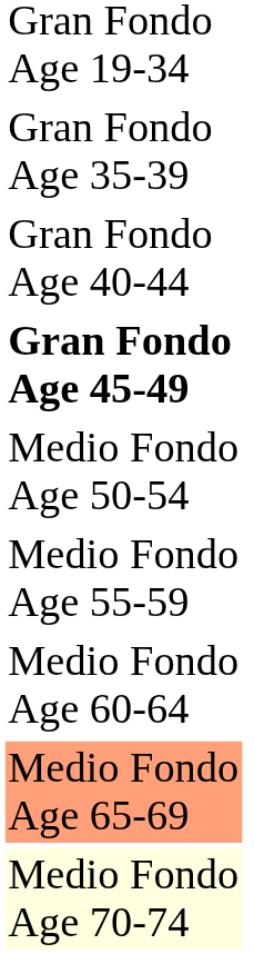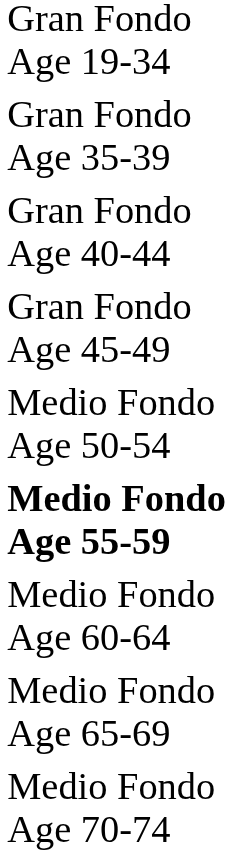 <table>
 <tr>
 <td>Gran Fondo<br>Age 19-34</td>
 <td></td>
 <td></td>
 <td></td>
 </tr>
 <tr>
 <td>Gran Fondo<br>Age 35-39</td>
 <td></td>
 <td></td>
 <td></td>
 </tr>
 <tr>
 <td>Gran Fondo<br>Age 40-44</td>
 <td></td>
 <td></td>
 <td></td>
 </tr>
 <tr>
-<td><strong>Gran Fondo<br>Age 45-49</strong></td>
+<td>Gran Fondo<br>Age 45-49</td>
 <td></td>
 <td></td>
 <td></td>
 </tr>
 <tr>
 <td>Medio Fondo<br>Age 50-54</td>
 <td></td>
 <td></td>
 <td></td>
 </tr>
 <tr>
-<td>Medio Fondo<br>Age 55-59</td>
+<td><strong>Medio Fondo<br>Age 55-59</strong></td>
 <td></td>
 <td></td>
 <td></td>
 </tr>
 <tr>
 <td>Medio Fondo<br>Age 60-64</td>
 <td></td>
 <td></td>
 <td></td>
 </tr>
 <tr>
-<td style="background: lightsalmon;">Medio Fondo<br>Age 65-69</td>
+<td>Medio Fondo<br>Age 65-69</td>
 <td></td>
 <td></td>
 <td></td>
 </tr>
 <tr>
-<td style="background: lightyellow;">Medio Fondo<br>Age 70-74</td>
+<td>Medio Fondo<br>Age 70-74</td>
 <td></td>
 <td></td>
 <td></td>
 </tr>
 </table>
